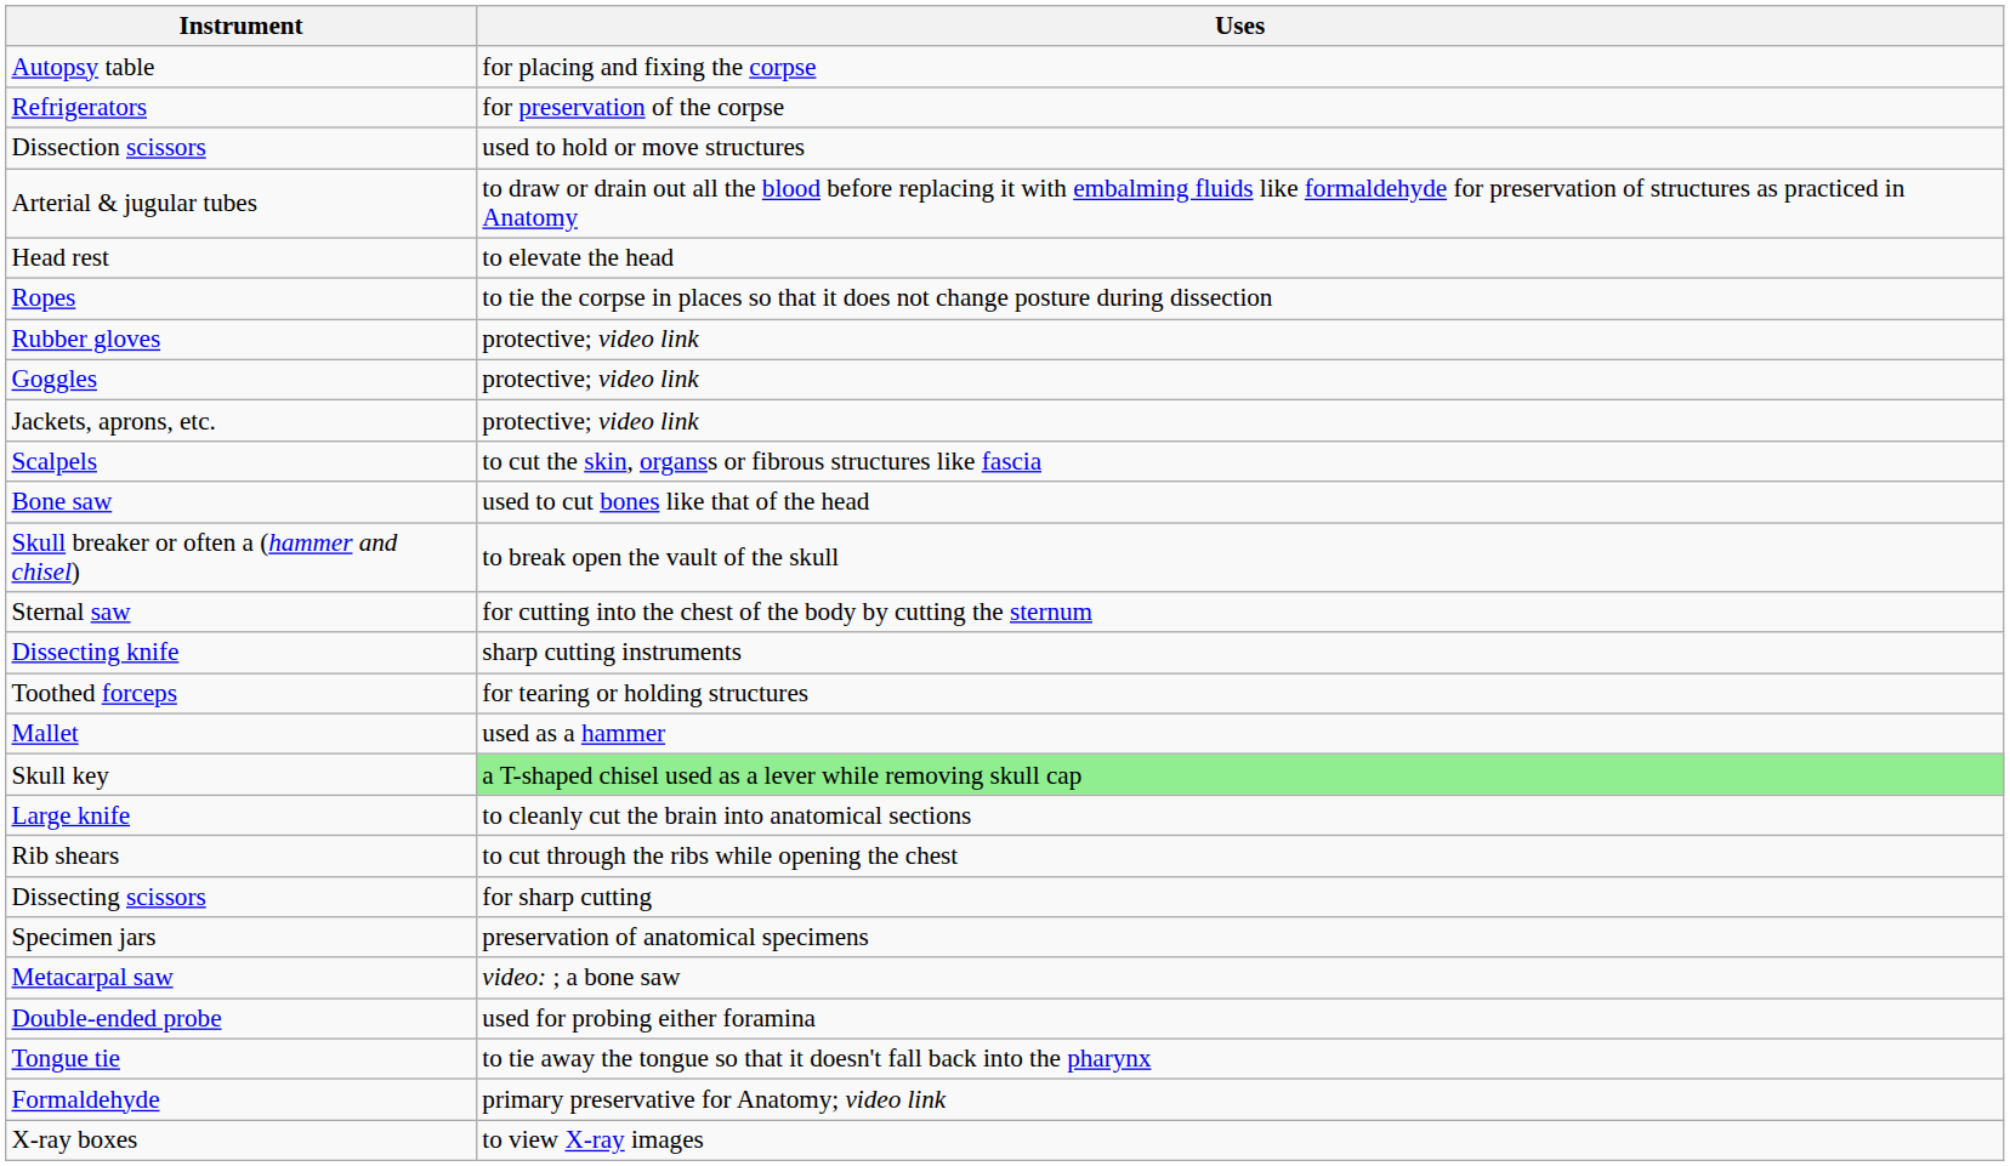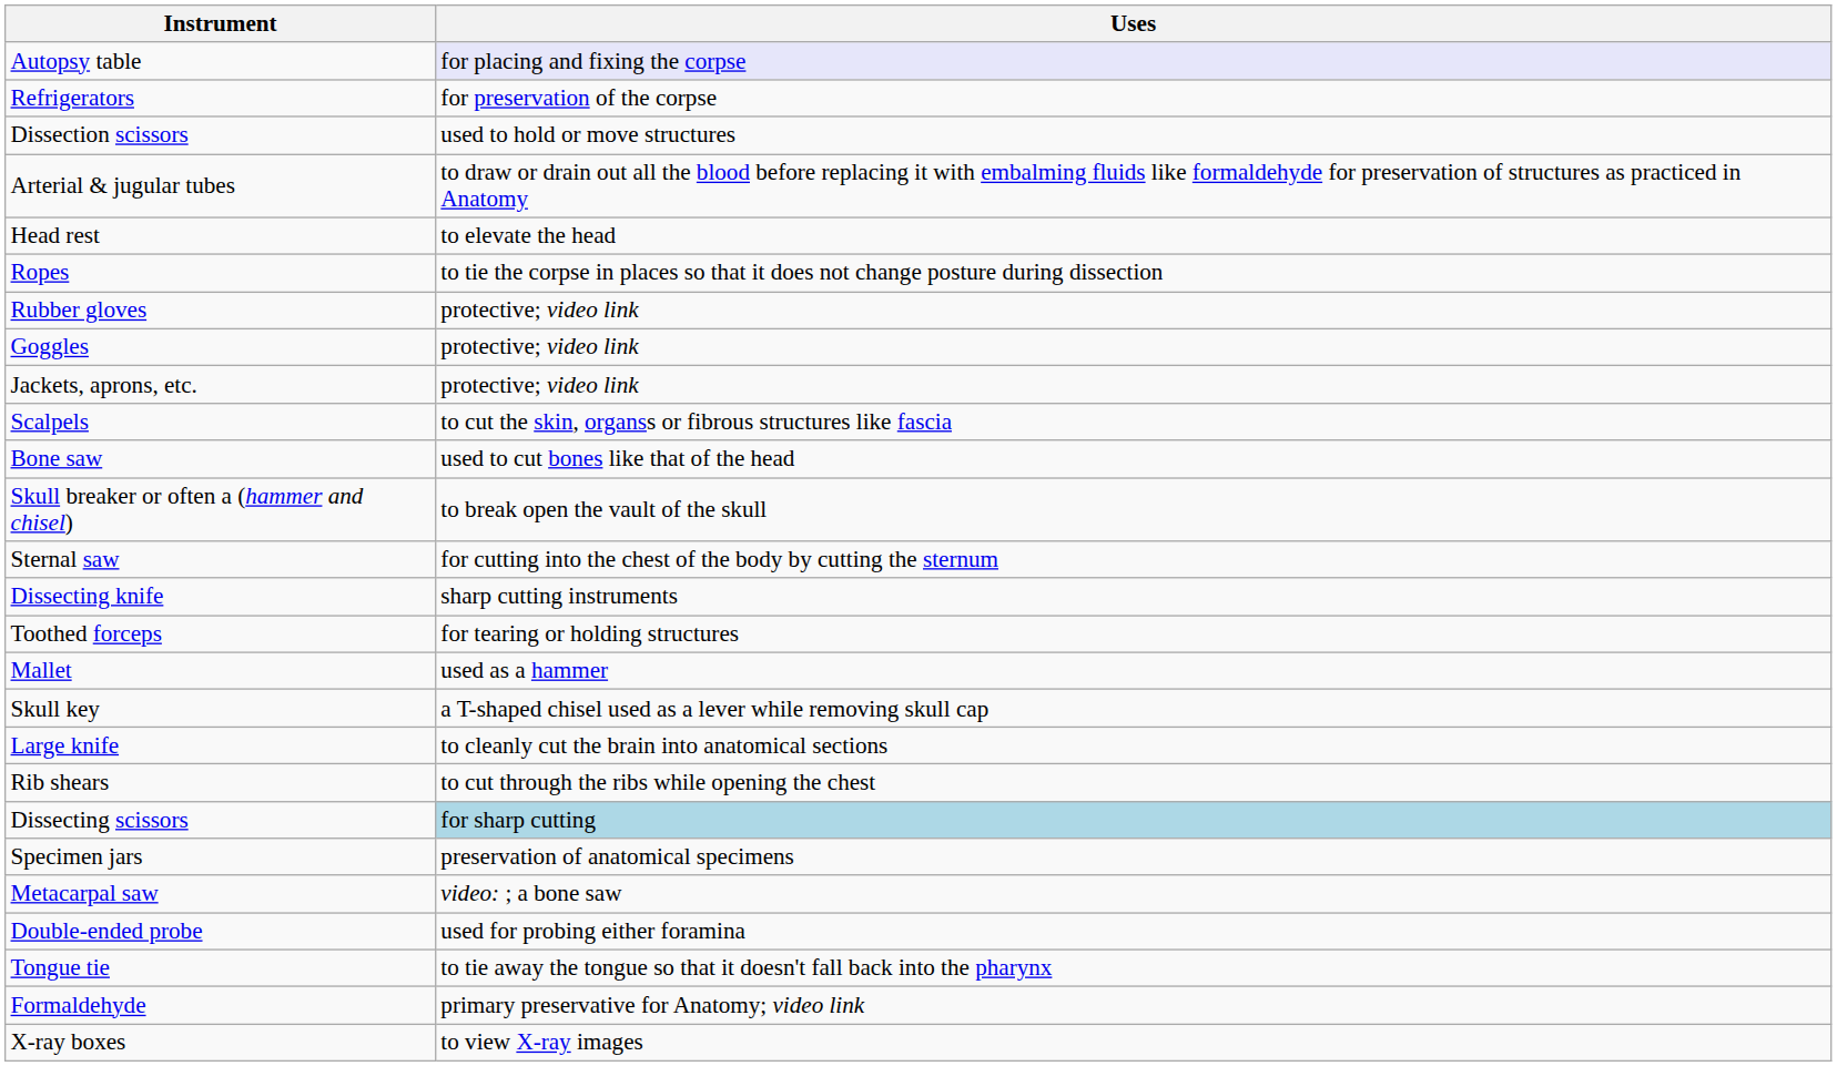 <table class="wikitable">
 <tr>
 <th>Instrument</th>
 <th>Uses</th>
 </tr>
 <tr>
 <td><a href='#'>Autopsy</a> table</td>
-<td>for placing and fixing the <a href='#'>corpse</a></td>
+<td style="background: lavender;">for placing and fixing the <a href='#'>corpse</a></td>
 </tr>
 <tr>
 <td><a href='#'>Refrigerators</a></td>
 <td>for <a href='#'>preservation</a> of the corpse</td>
 </tr>
 <tr>
 <td>Dissection <a href='#'>scissors</a></td>
 <td>used to hold or move structures</td>
 </tr>
 <tr>
 <td>Arterial & jugular tubes</td>
 <td>to draw or drain out all the <a href='#'>blood</a> before replacing it with <a href='#'>embalming fluids</a> like <a href='#'>formaldehyde</a> for preservation of structures as practiced in <a href='#'>Anatomy</a></td>
 </tr>
 <tr>
 <td>Head rest</td>
 <td>to elevate the head</td>
 </tr>
 <tr>
 <td><a href='#'>Ropes</a></td>
 <td>to tie the corpse in places so that it does not change posture during dissection</td>
 </tr>
 <tr>
 <td><a href='#'>Rubber gloves</a></td>
 <td>protective; <em>video link</em></td>
 </tr>
 <tr>
 <td><a href='#'>Goggles</a></td>
 <td>protective; <em>video link</em></td>
 </tr>
 <tr>
 <td>Jackets, aprons, etc.</td>
 <td>protective; <em>video link</em></td>
 </tr>
 <tr>
 <td><a href='#'>Scalpels</a></td>
 <td>to cut the <a href='#'>skin</a>, <a href='#'>organs</a>s or fibrous structures like <a href='#'>fascia</a></td>
 </tr>
 <tr>
 <td><a href='#'>Bone saw</a></td>
 <td>used to cut <a href='#'>bones</a> like that of the head</td>
 </tr>
 <tr>
 <td><a href='#'>Skull</a> breaker or often a (<em><a href='#'>hammer</a> and <a href='#'>chisel</a></em>)</td>
 <td>to break open the vault of the skull</td>
 </tr>
 <tr>
 <td>Sternal <a href='#'>saw</a></td>
 <td>for cutting into the chest of the body by cutting the <a href='#'>sternum</a></td>
 </tr>
 <tr>
 <td><a href='#'>Dissecting knife</a></td>
 <td>sharp cutting instruments</td>
 </tr>
 <tr>
 <td>Toothed <a href='#'>forceps</a></td>
 <td>for tearing or holding structures</td>
 </tr>
 <tr>
 <td><a href='#'>Mallet</a></td>
 <td>used as a <a href='#'>hammer</a></td>
 </tr>
 <tr>
 <td>Skull key</td>
-<td style="background: lightgreen;">a T-shaped chisel used as a lever while removing skull cap</td>
+<td>a T-shaped chisel used as a lever while removing skull cap</td>
 </tr>
 <tr>
 <td><a href='#'>Large knife</a></td>
 <td>to cleanly cut the brain into anatomical sections</td>
 </tr>
 <tr>
 <td>Rib shears</td>
 <td>to cut through the ribs while opening the chest</td>
 </tr>
 <tr>
 <td>Dissecting <a href='#'>scissors</a></td>
-<td>for sharp cutting</td>
+<td style="background: lightblue;">for sharp cutting</td>
 </tr>
 <tr>
 <td>Specimen jars</td>
 <td>preservation of anatomical specimens</td>
 </tr>
 <tr>
 <td><a href='#'>Metacarpal saw</a></td>
 <td><em>video: </em>; a bone saw</td>
 </tr>
 <tr>
 <td><a href='#'>Double-ended probe</a></td>
 <td>used for probing either foramina</td>
 </tr>
 <tr>
 <td><a href='#'>Tongue tie</a></td>
 <td>to tie away the tongue so that it doesn't fall back into the <a href='#'>pharynx</a></td>
 </tr>
 <tr>
 <td><a href='#'>Formaldehyde</a></td>
 <td>primary preservative for Anatomy; <em>video link</em></td>
 </tr>
 <tr>
 <td>X-ray boxes</td>
 <td>to view <a href='#'>X-ray</a> images</td>
 </tr>
 </table>
